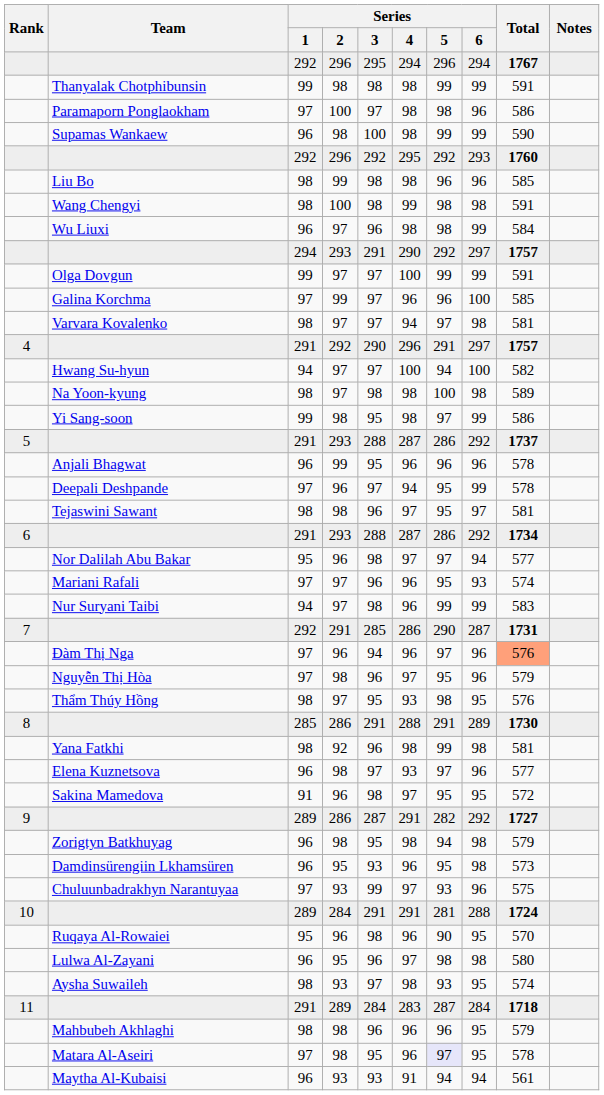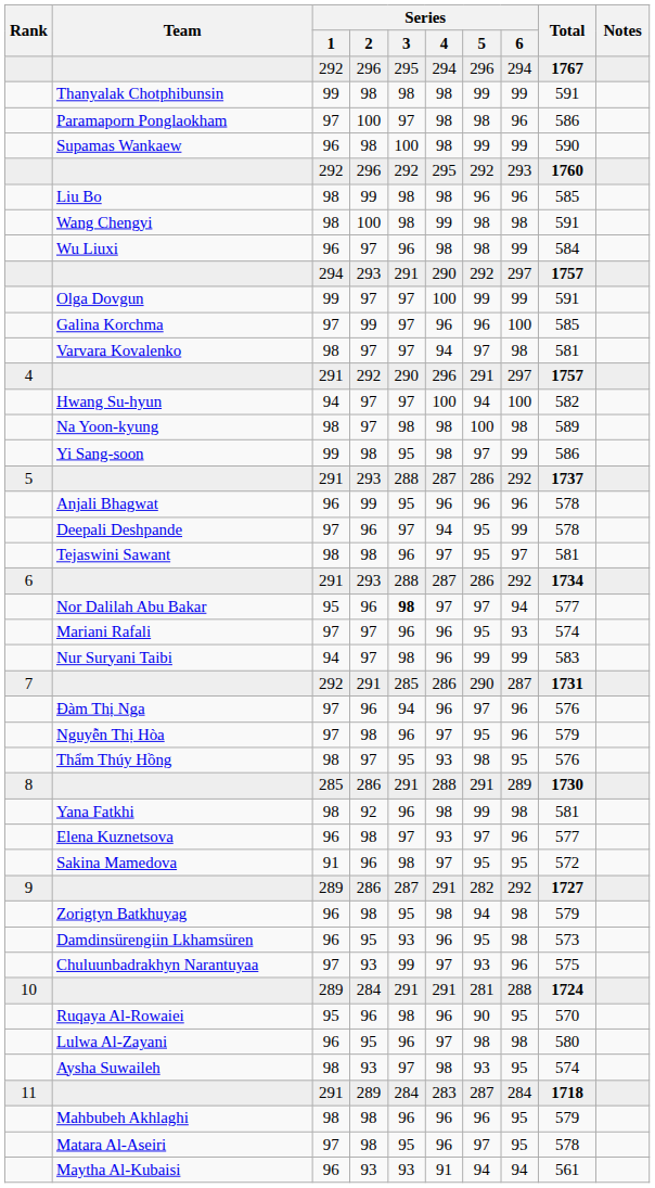 <table class="wikitable" style="text-align:center">
 <tr>
 <th rowspan=2 width=40>Rank</th>
 <th rowspan=2 width=250>Team</th>
 <th colspan=6>Series</th>
 <th rowspan=2 width=50>Total</th>
 <th rowspan=2 width=45>Notes</th>
 </tr>
 <tr>
 <th width=30>1</th>
 <th width=30>2</th>
 <th width=30>3</th>
 <th width=30>4</th>
 <th width=30>5</th>
 <th width=30>6</th>
 </tr>
 <tr bgcolor=eeeeee>
 <td></td>
 <td align=left></td>
 <td>292</td>
 <td>296</td>
 <td>295</td>
 <td>294</td>
 <td>296</td>
 <td>294</td>
 <td><strong>1767</strong></td>
 <td></td>
 </tr>
 <tr>
 <td></td>
 <td align=left><a href='#'>Thanyalak Chotphibunsin</a></td>
 <td>99</td>
 <td>98</td>
 <td>98</td>
 <td>98</td>
 <td>99</td>
 <td>99</td>
 <td>591</td>
 <td></td>
 </tr>
 <tr>
 <td></td>
 <td align=left><a href='#'>Paramaporn Ponglaokham</a></td>
 <td>97</td>
 <td>100</td>
 <td>97</td>
 <td>98</td>
 <td>98</td>
 <td>96</td>
 <td>586</td>
 <td></td>
 </tr>
 <tr>
 <td></td>
 <td align=left><a href='#'>Supamas Wankaew</a></td>
 <td>96</td>
 <td>98</td>
 <td>100</td>
 <td>98</td>
 <td>99</td>
 <td>99</td>
 <td>590</td>
 <td></td>
 </tr>
 <tr bgcolor=eeeeee>
 <td></td>
 <td align=left></td>
 <td>292</td>
 <td>296</td>
 <td>292</td>
 <td>295</td>
 <td>292</td>
 <td>293</td>
 <td><strong>1760</strong></td>
 <td></td>
 </tr>
 <tr>
 <td></td>
 <td align=left><a href='#'>Liu Bo</a></td>
 <td>98</td>
 <td>99</td>
 <td>98</td>
 <td>98</td>
 <td>96</td>
 <td>96</td>
 <td>585</td>
 <td></td>
 </tr>
 <tr>
 <td></td>
 <td align=left><a href='#'>Wang Chengyi</a></td>
 <td>98</td>
 <td>100</td>
 <td>98</td>
 <td>99</td>
 <td>98</td>
 <td>98</td>
 <td>591</td>
 <td></td>
 </tr>
 <tr>
 <td></td>
 <td align=left><a href='#'>Wu Liuxi</a></td>
 <td>96</td>
 <td>97</td>
 <td>96</td>
 <td>98</td>
 <td>98</td>
 <td>99</td>
 <td>584</td>
 <td></td>
 </tr>
 <tr bgcolor=eeeeee>
 <td></td>
 <td align=left></td>
 <td>294</td>
 <td>293</td>
 <td>291</td>
 <td>290</td>
 <td>292</td>
 <td>297</td>
 <td><strong>1757</strong></td>
 <td></td>
 </tr>
 <tr>
 <td></td>
 <td align=left><a href='#'>Olga Dovgun</a></td>
 <td>99</td>
 <td>97</td>
 <td>97</td>
 <td>100</td>
 <td>99</td>
 <td>99</td>
 <td>591</td>
 <td></td>
 </tr>
 <tr>
 <td></td>
 <td align=left><a href='#'>Galina Korchma</a></td>
 <td>97</td>
 <td>99</td>
 <td>97</td>
 <td>96</td>
 <td>96</td>
 <td>100</td>
 <td>585</td>
 <td></td>
 </tr>
 <tr>
 <td></td>
 <td align=left><a href='#'>Varvara Kovalenko</a></td>
 <td>98</td>
 <td>97</td>
 <td>97</td>
 <td>94</td>
 <td>97</td>
 <td>98</td>
 <td>581</td>
 <td></td>
 </tr>
 <tr bgcolor=eeeeee>
 <td>4</td>
 <td align=left></td>
 <td>291</td>
 <td>292</td>
 <td>290</td>
 <td>296</td>
 <td>291</td>
 <td>297</td>
 <td><strong>1757</strong></td>
 <td></td>
 </tr>
 <tr>
 <td></td>
 <td align=left><a href='#'>Hwang Su-hyun</a></td>
 <td>94</td>
 <td>97</td>
 <td>97</td>
 <td>100</td>
 <td>94</td>
 <td>100</td>
 <td>582</td>
 <td></td>
 </tr>
 <tr>
 <td></td>
 <td align=left><a href='#'>Na Yoon-kyung</a></td>
 <td>98</td>
 <td>97</td>
 <td>98</td>
 <td>98</td>
 <td>100</td>
 <td>98</td>
 <td>589</td>
 <td></td>
 </tr>
 <tr>
 <td></td>
 <td align=left><a href='#'>Yi Sang-soon</a></td>
 <td>99</td>
 <td>98</td>
 <td>95</td>
 <td>98</td>
 <td>97</td>
 <td>99</td>
 <td>586</td>
 <td></td>
 </tr>
 <tr bgcolor=eeeeee>
 <td>5</td>
 <td align=left></td>
 <td>291</td>
 <td>293</td>
 <td>288</td>
 <td>287</td>
 <td>286</td>
 <td>292</td>
 <td><strong>1737</strong></td>
 <td></td>
 </tr>
 <tr>
 <td></td>
 <td align=left><a href='#'>Anjali Bhagwat</a></td>
 <td>96</td>
 <td>99</td>
 <td>95</td>
 <td>96</td>
 <td>96</td>
 <td>96</td>
 <td>578</td>
 <td></td>
 </tr>
 <tr>
 <td></td>
 <td align=left><a href='#'>Deepali Deshpande</a></td>
 <td>97</td>
 <td>96</td>
 <td>97</td>
 <td>94</td>
 <td>95</td>
 <td>99</td>
 <td>578</td>
 <td></td>
 </tr>
 <tr>
 <td></td>
 <td align=left><a href='#'>Tejaswini Sawant</a></td>
 <td>98</td>
 <td>98</td>
 <td>96</td>
 <td>97</td>
 <td>95</td>
 <td>97</td>
 <td>581</td>
 <td></td>
 </tr>
 <tr bgcolor=eeeeee>
 <td>6</td>
 <td align=left></td>
 <td>291</td>
 <td>293</td>
 <td>288</td>
 <td>287</td>
 <td>286</td>
 <td>292</td>
 <td><strong>1734</strong></td>
 <td></td>
 </tr>
 <tr>
 <td></td>
 <td align=left><a href='#'>Nor Dalilah Abu Bakar</a></td>
 <td>95</td>
 <td>96</td>
-<td>98</td>
+<td><strong>98</strong></td>
 <td>97</td>
 <td>97</td>
 <td>94</td>
 <td>577</td>
 <td></td>
 </tr>
 <tr>
 <td></td>
 <td align=left><a href='#'>Mariani Rafali</a></td>
 <td>97</td>
 <td>97</td>
 <td>96</td>
 <td>96</td>
 <td>95</td>
 <td>93</td>
 <td>574</td>
 <td></td>
 </tr>
 <tr>
 <td></td>
 <td align=left><a href='#'>Nur Suryani Taibi</a></td>
 <td>94</td>
 <td>97</td>
 <td>98</td>
 <td>96</td>
 <td>99</td>
 <td>99</td>
 <td>583</td>
 <td></td>
 </tr>
 <tr bgcolor=eeeeee>
 <td>7</td>
 <td align=left></td>
 <td>292</td>
 <td>291</td>
 <td>285</td>
 <td>286</td>
 <td>290</td>
 <td>287</td>
 <td><strong>1731</strong></td>
 <td></td>
 </tr>
 <tr>
 <td></td>
 <td align=left><a href='#'>Đàm Thị Nga</a></td>
 <td>97</td>
 <td>96</td>
 <td>94</td>
 <td>96</td>
 <td>97</td>
 <td>96</td>
-<td style="background: lightsalmon;">576</td>
+<td>576</td>
 <td></td>
 </tr>
 <tr>
 <td></td>
 <td align=left><a href='#'>Nguyễn Thị Hòa</a></td>
 <td>97</td>
 <td>98</td>
 <td>96</td>
 <td>97</td>
 <td>95</td>
 <td>96</td>
 <td>579</td>
 <td></td>
 </tr>
 <tr>
 <td></td>
 <td align=left><a href='#'>Thẩm Thúy Hồng</a></td>
 <td>98</td>
 <td>97</td>
 <td>95</td>
 <td>93</td>
 <td>98</td>
 <td>95</td>
 <td>576</td>
 <td></td>
 </tr>
 <tr bgcolor=eeeeee>
 <td>8</td>
 <td align=left></td>
 <td>285</td>
 <td>286</td>
 <td>291</td>
 <td>288</td>
 <td>291</td>
 <td>289</td>
 <td><strong>1730</strong></td>
 <td></td>
 </tr>
 <tr>
 <td></td>
 <td align=left><a href='#'>Yana Fatkhi</a></td>
 <td>98</td>
 <td>92</td>
 <td>96</td>
 <td>98</td>
 <td>99</td>
 <td>98</td>
 <td>581</td>
 <td></td>
 </tr>
 <tr>
 <td></td>
 <td align=left><a href='#'>Elena Kuznetsova</a></td>
 <td>96</td>
 <td>98</td>
 <td>97</td>
 <td>93</td>
 <td>97</td>
 <td>96</td>
 <td>577</td>
 <td></td>
 </tr>
 <tr>
 <td></td>
 <td align=left><a href='#'>Sakina Mamedova</a></td>
 <td>91</td>
 <td>96</td>
 <td>98</td>
 <td>97</td>
 <td>95</td>
 <td>95</td>
 <td>572</td>
 <td></td>
 </tr>
 <tr bgcolor=eeeeee>
 <td>9</td>
 <td align=left></td>
 <td>289</td>
 <td>286</td>
 <td>287</td>
 <td>291</td>
 <td>282</td>
 <td>292</td>
 <td><strong>1727</strong></td>
 <td></td>
 </tr>
 <tr>
 <td></td>
 <td align=left><a href='#'>Zorigtyn Batkhuyag</a></td>
 <td>96</td>
 <td>98</td>
 <td>95</td>
 <td>98</td>
 <td>94</td>
 <td>98</td>
 <td>579</td>
 <td></td>
 </tr>
 <tr>
 <td></td>
 <td align=left><a href='#'>Damdinsürengiin Lkhamsüren</a></td>
 <td>96</td>
 <td>95</td>
 <td>93</td>
 <td>96</td>
 <td>95</td>
 <td>98</td>
 <td>573</td>
 <td></td>
 </tr>
 <tr>
 <td></td>
 <td align=left><a href='#'>Chuluunbadrakhyn Narantuyaa</a></td>
 <td>97</td>
 <td>93</td>
 <td>99</td>
 <td>97</td>
 <td>93</td>
 <td>96</td>
 <td>575</td>
 <td></td>
 </tr>
 <tr bgcolor=eeeeee>
 <td>10</td>
 <td align=left></td>
 <td>289</td>
 <td>284</td>
 <td>291</td>
 <td>291</td>
 <td>281</td>
 <td>288</td>
 <td><strong>1724</strong></td>
 <td></td>
 </tr>
 <tr>
 <td></td>
 <td align=left><a href='#'>Ruqaya Al-Rowaiei</a></td>
 <td>95</td>
 <td>96</td>
 <td>98</td>
 <td>96</td>
 <td>90</td>
 <td>95</td>
 <td>570</td>
 <td></td>
 </tr>
 <tr>
 <td></td>
 <td align=left><a href='#'>Lulwa Al-Zayani</a></td>
 <td>96</td>
 <td>95</td>
 <td>96</td>
 <td>97</td>
 <td>98</td>
 <td>98</td>
 <td>580</td>
 <td></td>
 </tr>
 <tr>
 <td></td>
 <td align=left><a href='#'>Aysha Suwaileh</a></td>
 <td>98</td>
 <td>93</td>
 <td>97</td>
 <td>98</td>
 <td>93</td>
 <td>95</td>
 <td>574</td>
 <td></td>
 </tr>
 <tr bgcolor=eeeeee>
 <td>11</td>
 <td align=left></td>
 <td>291</td>
 <td>289</td>
 <td>284</td>
 <td>283</td>
 <td>287</td>
 <td>284</td>
 <td><strong>1718</strong></td>
 <td></td>
 </tr>
 <tr>
 <td></td>
 <td align=left><a href='#'>Mahbubeh Akhlaghi</a></td>
 <td>98</td>
 <td>98</td>
 <td>96</td>
 <td>96</td>
 <td>96</td>
 <td>95</td>
 <td>579</td>
 <td></td>
 </tr>
 <tr>
 <td></td>
 <td align=left><a href='#'>Matara Al-Aseiri</a></td>
 <td>97</td>
 <td>98</td>
 <td>95</td>
 <td>96</td>
-<td style="background: lavender;">97</td>
+<td>97</td>
 <td>95</td>
 <td>578</td>
 <td></td>
 </tr>
 <tr>
 <td></td>
 <td align=left><a href='#'>Maytha Al-Kubaisi</a></td>
 <td>96</td>
 <td>93</td>
 <td>93</td>
 <td>91</td>
 <td>94</td>
 <td>94</td>
 <td>561</td>
 <td></td>
 </tr>
 </table>
